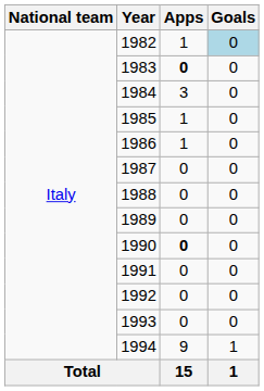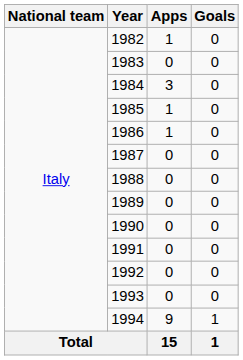 <table class="wikitable" style="text-align:center">
 <tr>
 <th>National team</th>
 <th>Year</th>
 <th>Apps</th>
 <th>Goals</th>
 </tr>
 <tr>
 <td rowspan="13"><a href='#'>Italy</a></td>
 <td>1982</td>
 <td>1</td>
-<td style="background: lightblue;">0</td>
+<td>0</td>
 </tr>
 <tr>
 <td>1983</td>
-<td><strong>0</strong></td>
+<td>0</td>
 <td>0</td>
 </tr>
 <tr>
 <td>1984</td>
 <td>3</td>
 <td>0</td>
 </tr>
 <tr>
 <td>1985</td>
 <td>1</td>
 <td>0</td>
 </tr>
 <tr>
 <td>1986</td>
 <td>1</td>
 <td>0</td>
 </tr>
 <tr>
 <td>1987</td>
 <td>0</td>
 <td>0</td>
 </tr>
 <tr>
 <td>1988</td>
 <td>0</td>
 <td>0</td>
 </tr>
 <tr>
 <td>1989</td>
 <td>0</td>
 <td>0</td>
 </tr>
 <tr>
 <td>1990</td>
-<td><strong>0</strong></td>
+<td>0</td>
 <td>0</td>
 </tr>
 <tr>
 <td>1991</td>
 <td>0</td>
 <td>0</td>
 </tr>
 <tr>
 <td>1992</td>
 <td>0</td>
 <td>0</td>
 </tr>
 <tr>
 <td>1993</td>
 <td>0</td>
 <td>0</td>
 </tr>
 <tr>
 <td>1994</td>
 <td>9</td>
 <td>1</td>
 </tr>
 <tr>
 <th colspan="2">Total</th>
 <th>15</th>
 <th>1</th>
 </tr>
 </table>
